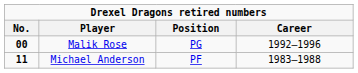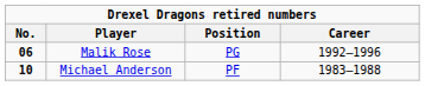 <table class="wikitable sortable" style="text-align:center">
 <tr>
 <td colspan="5"><strong>Drexel Dragons retired numbers</strong></td>
 </tr>
 <tr>
 <th width=40px>No.</th>
 <th width=150px>Player</th>
 <th width=100px>Position</th>
 <th width=150px>Career</th>
 </tr>
 <tr>
-<td><strong>00</strong></td>
+<td><strong>06</strong></td>
 <td><a href='#'>Malik Rose</a></td>
 <td><a href='#'>PG</a></td>
 <td>1992–1996</td>
 </tr>
 <tr>
-<td><strong>11</strong></td>
+<td><strong>10</strong></td>
 <td><a href='#'>Michael Anderson</a></td>
 <td><a href='#'>PF</a></td>
 <td>1983–1988</td>
 </tr>
 </table>
